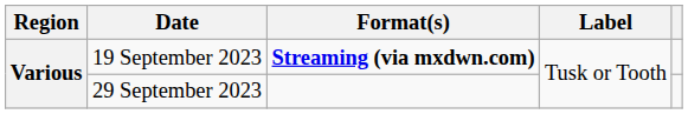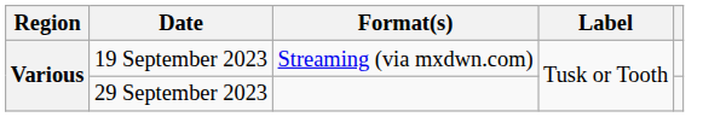 <table class="wikitable plainrowheaders">
 <tr>
 <th scope="col">Region</th>
 <th scope="col">Date</th>
 <th scope="col">Format(s)</th>
 <th scope="col">Label</th>
 <th scope="col"></th>
 </tr>
 <tr>
 <th scope="row" rowspan="2">Various</th>
 <td>19 September 2023</td>
-<td><strong><a href='#'>Streaming</a> (via mxdwn.com)</strong></td>
+<td><a href='#'>Streaming</a> (via mxdwn.com)</td>
 <td rowspan="2">Tusk or Tooth</td>
 <td style="text-align:center;"></td>
 </tr>
 <tr>
 <td>29 September 2023</td>
 <td></td>
 <td style="text-align:center;"></td>
 </tr>
 </table>
